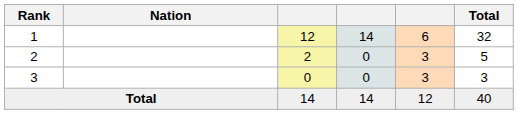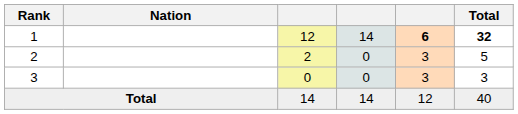 <table class=wikitable width=35% cellspacing="1" cellpadding="3" style="border:1px solid #AAAAAA;font-size:90%">
 <tr bgcolor="#EFEFEF">
 <th width=50>Rank</th>
 <th width=200>Nation</th>
 <th width=50></th>
 <th width=50></th>
 <th width=50></th>
 <th width=50>Total</th>
 </tr>
 <tr align="center" valign="top" bgcolor="#FFFFFF">
 <td rowspan="1" valign="center">1</td>
 <td align="left"></td>
 <td style="background:#F7F6A8;">12</td>
 <td style="background:#DCE5E5;">14</td>
-<td style="background:#FFDAB9;">6</td>
-<td>32</td>
+<td style="background:#FFDAB9;"><strong>6</strong></td>
+<td><strong>32</strong></td>
 </tr>
 <tr align="center" valign="top" bgcolor="#FFFFFF">
 <td rowspan="1" valign="center">2</td>
 <td align="left"></td>
 <td style="background:#F7F6A8;">2</td>
 <td style="background:#DCE5E5;">0</td>
 <td style="background:#FFDAB9;">3</td>
 <td>5</td>
 </tr>
 <tr align="center" valign="top" bgcolor="#FFFFFF">
 <td rowspan="1" valign="center">3</td>
 <td align="left"></td>
 <td style="background:#F7F6A8;">0</td>
 <td style="background:#DCE5E5;">0</td>
 <td style="background:#FFDAB9;">3</td>
 <td>3</td>
 </tr>
 <tr align="center" valign="top" bgcolor="#EFEFEF">
 <td colspan="2" rowspan="1" valign="center"><strong>Total</strong></td>
 <td>14</td>
 <td>14</td>
 <td>12</td>
 <td>40</td>
 </tr>
 </table>
